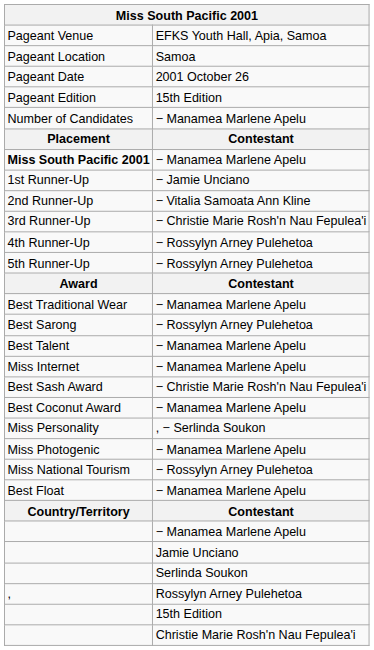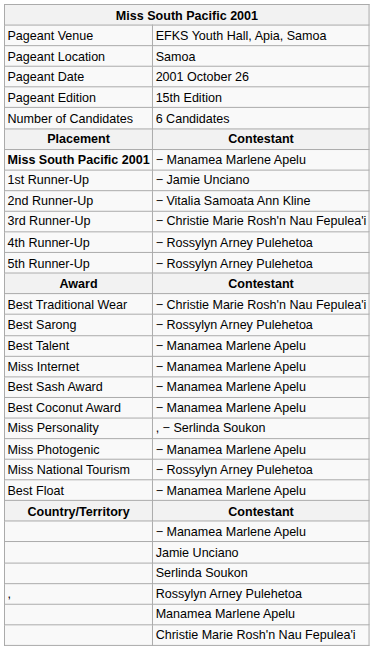 <table class="wikitable sortable" style="font-size: 80%;">
 <tr>
 <th colspan="2"><strong>Miss South Pacific 2001</strong></th>
 </tr>
 <tr>
 <td>Pageant Venue</td>
 <td>EFKS Youth Hall, Apia, Samoa</td>
 </tr>
 <tr>
 <td>Pageant Location</td>
 <td>Samoa</td>
 </tr>
 <tr>
 <td>Pageant Date</td>
 <td>2001 October 26</td>
 </tr>
 <tr>
 <td>Pageant Edition</td>
 <td>15th Edition</td>
 </tr>
 <tr>
 <td>Number of Candidates</td>
-<td> − Manamea Marlene Apelu</td>
+<td>6 Candidates</td>
 </tr>
 <tr>
 <th>Placement</th>
 <th>Contestant</th>
 </tr>
 <tr>
 <td><strong>Miss South Pacific 2001</strong></td>
 <td> − Manamea Marlene Apelu</td>
 </tr>
 <tr>
 <td>1st Runner-Up</td>
 <td> − Jamie Unciano</td>
 </tr>
 <tr>
 <td>2nd Runner-Up</td>
 <td> − Vitalia Samoata Ann Kline</td>
 </tr>
 <tr>
 <td>3rd Runner-Up</td>
 <td> − Christie Marie Rosh'n Nau Fepulea'i</td>
 </tr>
 <tr>
 <td>4th Runner-Up</td>
 <td> − Rossylyn Arney Pulehetoa</td>
 </tr>
 <tr>
 <td>5th Runner-Up</td>
 <td> − Rossylyn Arney Pulehetoa</td>
 </tr>
 <tr>
 <th>Award</th>
 <th>Contestant</th>
 </tr>
 <tr>
 <td>Best Traditional Wear</td>
-<td> − Manamea Marlene Apelu</td>
+<td> − Christie Marie Rosh'n Nau Fepulea'i</td>
 </tr>
 <tr>
 <td>Best Sarong</td>
 <td> − Rossylyn Arney Pulehetoa</td>
 </tr>
 <tr>
 <td>Best Talent</td>
 <td> − Manamea Marlene Apelu</td>
 </tr>
 <tr>
 <td>Miss Internet</td>
 <td> − Manamea Marlene Apelu</td>
 </tr>
 <tr>
 <td>Best Sash Award</td>
-<td> − Christie Marie Rosh'n Nau Fepulea'i</td>
+<td> − Manamea Marlene Apelu</td>
 </tr>
 <tr>
 <td>Best Coconut Award</td>
 <td> − Manamea Marlene Apelu</td>
 </tr>
 <tr>
 <td>Miss Personality</td>
 <td>,  − Serlinda Soukon</td>
 </tr>
 <tr>
 <td>Miss Photogenic</td>
 <td> − Manamea Marlene Apelu</td>
 </tr>
 <tr>
 <td>Miss National Tourism</td>
 <td> − Rossylyn Arney Pulehetoa</td>
 </tr>
 <tr>
 <td>Best Float</td>
 <td> − Manamea Marlene Apelu</td>
 </tr>
 <tr>
 <th><strong>Country/Territory</strong></th>
 <th>Contestant</th>
 </tr>
 <tr>
 <td></td>
 <td> − Manamea Marlene Apelu</td>
 </tr>
 <tr>
 <td></td>
 <td>Jamie Unciano</td>
 </tr>
 <tr>
 <td></td>
 <td>Serlinda Soukon</td>
 </tr>
 <tr>
 <td>, </td>
 <td>Rossylyn Arney Pulehetoa</td>
 </tr>
 <tr>
 <td></td>
-<td>15th Edition</td>
+<td>Manamea Marlene Apelu</td>
 </tr>
 <tr>
 <td></td>
 <td>Christie Marie Rosh'n Nau Fepulea'i</td>
 </tr>
 </table>
